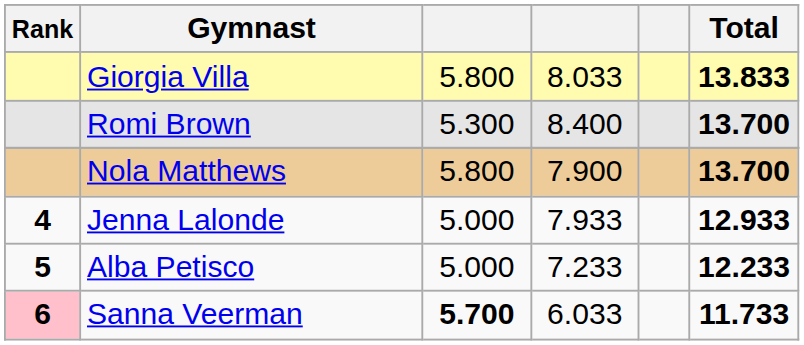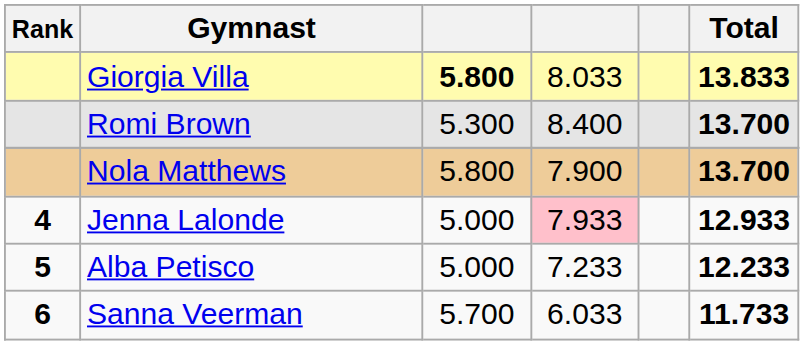 <table style="text-align:center;" class="wikitable sortable">
 <tr>
 <th scope="col" style="width:15px;"><small>Rank</small></th>
 <th scope="col" style="width:175px;">Gymnast</th>
 <th scope="col" style="width:50px;"><small></small></th>
 <th scope="col" style="width:50px;"><small></small></th>
 <th scope="col" style="width:20px;"><small></small></th>
 <th scope="col" style="width:50px;">Total</th>
 </tr>
 <tr style="background:#fffcaf;">
 <td scope="row" style="text-align:center"><strong></strong></td>
 <td style="text-align:left;"> <a href='#'>Giorgia Villa</a></td>
-<td>5.800</td>
+<td><strong>5.800</strong></td>
 <td>8.033</td>
 <td></td>
 <td><strong>13.833</strong></td>
 </tr>
 <tr style="background:#e5e5e5;">
 <td scope="row" style="text-align:center"><strong></strong></td>
 <td style="text-align:left;"> <a href='#'>Romi Brown</a></td>
 <td>5.300</td>
 <td>8.400</td>
 <td></td>
 <td><strong>13.700</strong></td>
 </tr>
 <tr>
 </tr>
 <tr style="background:#ec9;">
 <td scope="row" style="text-align:center"><strong></strong></td>
 <td style="text-align:left;"> <a href='#'>Nola Matthews</a></td>
 <td>5.800</td>
 <td>7.900</td>
 <td></td>
 <td><strong>13.700</strong></td>
 </tr>
 <tr>
 <td scope="row" style="text-align:center"><strong>4</strong></td>
 <td style="text-align:left;"> <a href='#'>Jenna Lalonde</a></td>
 <td>5.000</td>
-<td>7.933</td>
+<td style="background: pink;">7.933</td>
 <td></td>
 <td><strong>12.933</strong></td>
 </tr>
 <tr>
 <td scope="row" style="text-align:center"><strong>5</strong></td>
 <td style="text-align:left;"> <a href='#'>Alba Petisco</a></td>
 <td>5.000</td>
 <td>7.233</td>
 <td></td>
 <td><strong>12.233</strong></td>
 </tr>
 <tr>
-<td scope="row" style="background: pink; text-align:center"><strong>6</strong></td>
+<td scope="row" style="text-align:center"><strong>6</strong></td>
 <td style="text-align:left;"> <a href='#'>Sanna Veerman</a></td>
-<td><strong>5.700</strong></td>
+<td>5.700</td>
 <td>6.033</td>
 <td></td>
 <td><strong>11.733</strong></td>
 </tr>
 </table>
